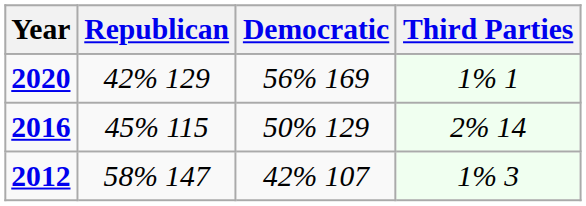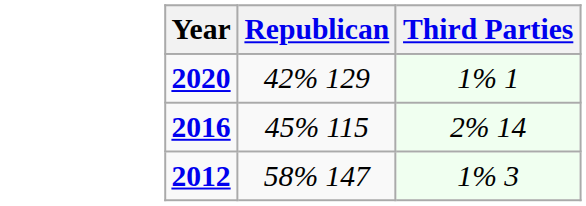 <table class="wikitable" style="float:right; font-size:95%;">
 <tr bgcolor=lightgrey>
 <th>Year</th>
 <th><a href='#'>Republican</a></th>
-<th><a href='#'>Democratic</a></th>
 <th><a href='#'>Third Parties</a></th>
 </tr>
 <tr>
 <td style="text-align:center; "><strong><a href='#'>2020</a></strong></td>
 <td style="text-align:center; "><em>42%</em> <em>129</em></td>
-<td style="text-align:center; "><em>56%</em> <em>169</em></td>
 <td style="text-align:center; background:honeyDew;"><em>1%</em> <em>1</em></td>
 </tr>
 <tr>
 <td style="text-align:center; "><strong><a href='#'>2016</a></strong></td>
 <td style="text-align:center; "><em>45%</em> <em>115</em></td>
-<td style="text-align:center; "><em>50%</em> <em>129</em></td>
 <td style="text-align:center; background:honeyDew;"><em>2%</em> <em>14</em></td>
 </tr>
 <tr>
 <td style="text-align:center; "><strong><a href='#'>2012</a></strong></td>
 <td style="text-align:center; "><em>58%</em> <em>147</em></td>
-<td style="text-align:center; "><em>42%</em> <em>107</em></td>
 <td style="text-align:center; background:honeyDew;"><em>1%</em> <em>3</em></td>
 </tr>
 </table>
